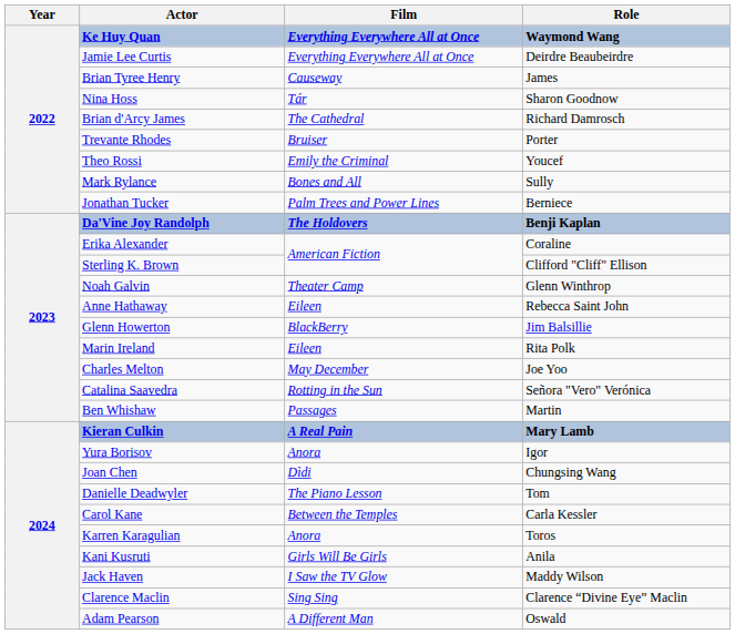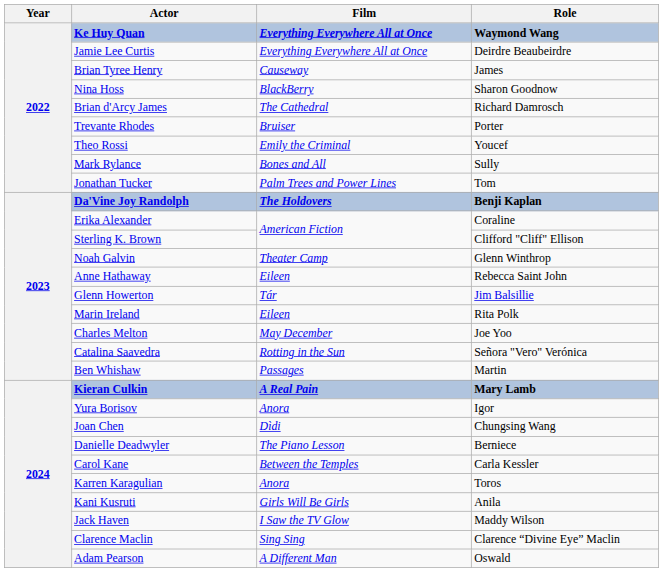 <table class="wikitable" width="70%" cellpadding="5">
 <tr>
 <th width="100">Year</th>
 <th width="300">Actor</th>
 <th width="350">Film</th>
 <th width="300">Role</th>
 </tr>
 <tr>
 <th rowspan="9" style="text-align:center;"><a href='#'>2022</a><br></th>
 <td style="background:#B0C4DE;"><strong><a href='#'>Ke Huy Quan</a></strong></td>
 <td style="background:#B0C4DE;"><strong><em><a href='#'>Everything Everywhere All at Once</a></em></strong></td>
 <td style="background:#B0C4DE;"><strong>Waymond Wang</strong></td>
 </tr>
 <tr>
 <td><a href='#'>Jamie Lee Curtis</a></td>
 <td><em><a href='#'>Everything Everywhere All at Once</a></em></td>
 <td>Deirdre Beaubeirdre</td>
 </tr>
 <tr>
 <td><a href='#'>Brian Tyree Henry</a></td>
 <td><em><a href='#'>Causeway</a></em></td>
 <td>James</td>
 </tr>
 <tr>
 <td><a href='#'>Nina Hoss</a></td>
-<td><em><a href='#'>Tár</a></em></td>
+<td><em><a href='#'>BlackBerry</a></em></td>
 <td>Sharon Goodnow</td>
 </tr>
 <tr>
 <td><a href='#'>Brian d'Arcy James</a></td>
 <td><em><a href='#'>The Cathedral</a></em></td>
 <td>Richard Damrosch</td>
 </tr>
 <tr>
 <td><a href='#'>Trevante Rhodes</a></td>
 <td><em><a href='#'>Bruiser</a></em></td>
 <td>Porter</td>
 </tr>
 <tr>
 <td><a href='#'>Theo Rossi</a></td>
 <td><em><a href='#'>Emily the Criminal</a></em></td>
 <td>Youcef</td>
 </tr>
 <tr>
 <td><a href='#'>Mark Rylance</a></td>
 <td><em><a href='#'>Bones and All</a></em></td>
 <td>Sully</td>
 </tr>
 <tr>
 <td><a href='#'>Jonathan Tucker</a></td>
 <td><em><a href='#'>Palm Trees and Power Lines</a></em></td>
-<td>Berniece</td>
+<td>Tom</td>
 </tr>
 <tr>
 <th rowspan="10"><a href='#'>2023</a></th>
 <td style="background:#B0C4DE;"><strong><a href='#'>Da'Vine Joy Randolph</a></strong></td>
 <td style="background:#B0C4DE;"><strong><em><a href='#'>The Holdovers</a></em></strong></td>
 <td style="background:#B0C4DE;"><strong>Benji Kaplan</strong></td>
 </tr>
 <tr>
 <td><a href='#'>Erika Alexander</a></td>
 <td rowspan="2"><em><a href='#'>American Fiction</a></em></td>
 <td>Coraline</td>
 </tr>
 <tr>
 <td><a href='#'>Sterling K. Brown</a></td>
 <td>Clifford "Cliff" Ellison</td>
 </tr>
 <tr>
 <td><a href='#'>Noah Galvin</a></td>
 <td><em><a href='#'>Theater Camp</a></em></td>
 <td>Glenn Winthrop</td>
 </tr>
 <tr>
 <td><a href='#'>Anne Hathaway</a></td>
 <td><em><a href='#'>Eileen</a></em></td>
 <td>Rebecca Saint John</td>
 </tr>
 <tr>
 <td><a href='#'>Glenn Howerton</a></td>
-<td><em><a href='#'>BlackBerry</a></em></td>
+<td><em><a href='#'>Tár</a></em></td>
 <td><a href='#'>Jim Balsillie</a></td>
 </tr>
 <tr>
 <td><a href='#'>Marin Ireland</a></td>
 <td><em><a href='#'>Eileen</a></em></td>
 <td>Rita Polk</td>
 </tr>
 <tr>
 <td><a href='#'>Charles Melton</a></td>
 <td><em><a href='#'>May December</a></em></td>
 <td>Joe Yoo</td>
 </tr>
 <tr>
 <td><a href='#'>Catalina Saavedra</a></td>
 <td><em><a href='#'>Rotting in the Sun</a></em></td>
 <td>Señora "Vero" Verónica</td>
 </tr>
 <tr>
 <td><a href='#'>Ben Whishaw</a></td>
 <td><em><a href='#'>Passages</a></em></td>
 <td>Martin</td>
 </tr>
 <tr>
 <th rowspan="10" align="center"><a href='#'>2024</a></th>
 <td style="background:#B0C4DE;"><strong><a href='#'>Kieran Culkin</a></strong></td>
 <td style="background:#B0C4DE;"><strong><em><a href='#'>A Real Pain</a></em></strong></td>
 <td style="background:#B0C4DE;"><strong>Mary Lamb</strong></td>
 </tr>
 <tr>
 <td><a href='#'>Yura Borisov</a></td>
 <td><em><a href='#'>Anora</a></em></td>
 <td>Igor</td>
 </tr>
 <tr>
 <td><a href='#'>Joan Chen</a></td>
 <td><em><a href='#'>Dìdi</a></em></td>
 <td>Chungsing Wang</td>
 </tr>
 <tr>
 <td><a href='#'>Danielle Deadwyler</a></td>
 <td><a href='#'><em>The Piano Lesson</em></a></td>
-<td>Tom</td>
+<td>Berniece</td>
 </tr>
 <tr>
 <td><a href='#'>Carol Kane</a></td>
 <td><em><a href='#'>Between the Temples</a></em></td>
 <td>Carla Kessler</td>
 </tr>
 <tr>
 <td><a href='#'>Karren Karagulian</a></td>
 <td><em><a href='#'>Anora</a></em></td>
 <td>Toros</td>
 </tr>
 <tr>
 <td><a href='#'>Kani Kusruti</a></td>
 <td><a href='#'><em>Girls Will Be Girls</em></a></td>
 <td>Anila</td>
 </tr>
 <tr>
 <td><a href='#'>Jack Haven</a></td>
 <td><em><a href='#'>I Saw the TV Glow</a></em></td>
 <td>Maddy Wilson</td>
 </tr>
 <tr>
 <td><a href='#'>Clarence Maclin</a></td>
 <td><a href='#'><em>Sing Sing</em></a></td>
 <td>Clarence “Divine Eye” Maclin</td>
 </tr>
 <tr>
 <td><a href='#'>Adam Pearson</a></td>
 <td><em><a href='#'>A Different Man</a></em></td>
 <td>Oswald</td>
 </tr>
 </table>
